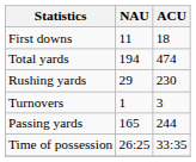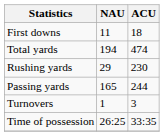 <table class="wikitable" style="float: left;">
 <tr>
 <th>Statistics</th>
 <th>NAU</th>
 <th>ACU</th>
 </tr>
 <tr>
 <td>First downs</td>
 <td>11</td>
 <td>18</td>
 </tr>
 <tr>
 <td>Total yards</td>
 <td>194</td>
 <td>474</td>
 </tr>
 <tr>
 <td>Rushing yards</td>
 <td>29</td>
 <td>230</td>
 </tr>
 <tr>
+<td>Passing yards</td>
+<td>165</td>
+<td>244</td>
+</tr>
+<tr>
 <td>Turnovers</td>
 <td>1</td>
 <td>3</td>
-</tr>
-<tr>
-<td>Passing yards</td>
-<td>165</td>
-<td>244</td>
 </tr>
 <tr>
 <td>Time of possession</td>
 <td>26:25</td>
 <td>33:35</td>
 </tr>
 <tr>
 </tr>
 </table>
